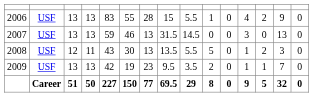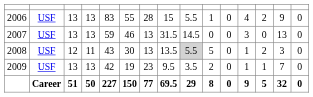 <table class="toccolours" border="1" cellpadding="4" cellspacing="0" style="border-collapse: collapse; margin:0;">
 <tr>
 <th width=30></th>
 <th></th>
 <th width=20></th>
 <th width=20></th>
 <th width=20></th>
 <th width=20></th>
 <th width=20></th>
 <th width=20></th>
 <th width=20></th>
 <th width=20></th>
 <th width=20></th>
 <th width=20></th>
 <th width=20></th>
 <th width=20></th>
 <th width=20></th>
 </tr>
 <tr align=center>
 <td>2006</td>
 <td><a href='#'>USF</a></td>
 <td>13</td>
 <td>13</td>
 <td>83</td>
 <td>55</td>
 <td>28</td>
 <td>15</td>
 <td>5.5</td>
 <td>1</td>
 <td>0</td>
 <td>4</td>
 <td>2</td>
 <td>9</td>
 <td>0</td>
 </tr>
 <tr align=center>
 <td>2007</td>
 <td><a href='#'>USF</a></td>
 <td>13</td>
 <td>13</td>
 <td>59</td>
 <td>46</td>
 <td>13</td>
 <td>31.5</td>
 <td>14.5</td>
 <td>0</td>
 <td>0</td>
 <td>3</td>
 <td>0</td>
 <td>13</td>
 <td>0</td>
 </tr>
 <tr align=center>
 <td>2008</td>
 <td><a href='#'>USF</a></td>
 <td>12</td>
 <td>11</td>
 <td>43</td>
 <td>30</td>
 <td>13</td>
 <td>13.5</td>
-<td>5.5</td>
+<td style="background: lightgrey;">5.5</td>
 <td>5</td>
 <td>0</td>
 <td>1</td>
 <td>2</td>
 <td>3</td>
 <td>0</td>
 </tr>
 <tr align=center>
 <td>2009</td>
 <td><a href='#'>USF</a></td>
 <td>13</td>
 <td>13</td>
 <td>42</td>
 <td>19</td>
 <td>23</td>
 <td>9.5</td>
 <td>3.5</td>
 <td>2</td>
 <td>0</td>
 <td>1</td>
 <td>1</td>
 <td>7</td>
 <td>0</td>
 </tr>
 <tr align=center>
 <td></td>
 <td><strong>Career</strong></td>
 <td><strong>51</strong></td>
 <td><strong> 50</strong></td>
 <td><strong>227</strong></td>
 <td><strong>150</strong></td>
 <td><strong>77</strong></td>
 <td><strong>69.5</strong></td>
 <td><strong>29</strong></td>
 <td><strong>8</strong></td>
 <td><strong>0</strong></td>
 <td><strong>9 </strong></td>
 <td><strong>5</strong></td>
 <td><strong>32</strong></td>
 <td><strong>0</strong></td>
 </tr>
 </table>
